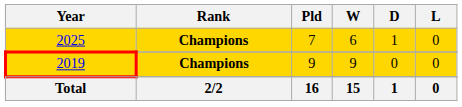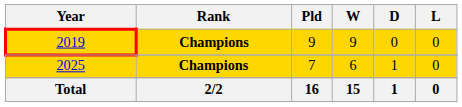 <table class="wikitable" style="text-align: center;font-size:90%;">
 <tr>
 <th width=125>Year</th>
 <th width=150>Rank</th>
 <th width=35>Pld</th>
 <th width=35>W</th>
 <th width=35>D</th>
 <th width=35>L</th>
 </tr>
 <tr bgcolor=gold>
+<td style="border: 3px solid red"> <a href='#'>2019</a></td>
+<td><strong>Champions</strong></td>
+<td>9</td>
+<td>9</td>
+<td>0</td>
+<td>0</td>
+</tr>
+<tr>
+</tr>
+<tr bgcolor=gold>
 <td> <a href='#'>2025</a></td>
 <td><strong>Champions</strong></td>
 <td>7</td>
 <td>6</td>
 <td>1</td>
-<td>0</td>
-</tr>
-<tr>
-</tr>
-<tr bgcolor=gold>
-<td style="border: 3px solid red"> <a href='#'>2019</a></td>
-<td><strong>Champions</strong></td>
-<td>9</td>
-<td>9</td>
-<td>0</td>
 <td>0</td>
 </tr>
 <tr>
 </tr>
 <tr>
 <th>Total</th>
 <th>2/2</th>
 <th>16</th>
 <th>15</th>
 <th>1</th>
 <th>0</th>
 </tr>
 </table>
